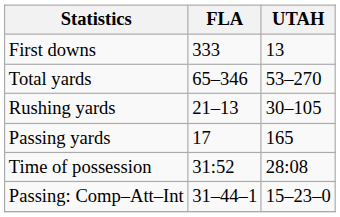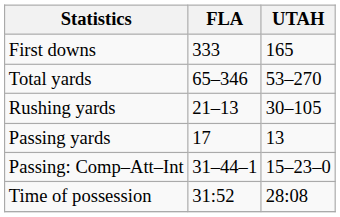 <table class="wikitable" style="float: left;">
 <tr>
 <th>Statistics</th>
 <th>FLA</th>
 <th>UTAH</th>
 </tr>
 <tr>
 <td>First downs</td>
 <td>333</td>
-<td>13</td>
+<td>165</td>
 </tr>
 <tr>
 <td>Total yards</td>
 <td>65–346</td>
 <td>53–270</td>
 </tr>
 <tr>
 <td>Rushing yards</td>
 <td>21–13</td>
 <td>30–105</td>
 </tr>
 <tr>
 <td>Passing yards</td>
 <td>17</td>
-<td>165</td>
+<td>13</td>
+</tr>
+<tr>
+<td>Passing: Comp–Att–Int</td>
+<td>31–44–1</td>
+<td>15–23–0</td>
 </tr>
 <tr>
 <td>Time of possession</td>
 <td>31:52</td>
 <td>28:08</td>
 </tr>
 <tr>
-<td>Passing: Comp–Att–Int</td>
-<td>31–44–1</td>
-<td>15–23–0</td>
-</tr>
-<tr>
 </tr>
 </table>
